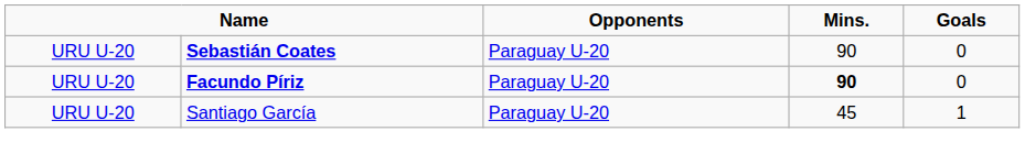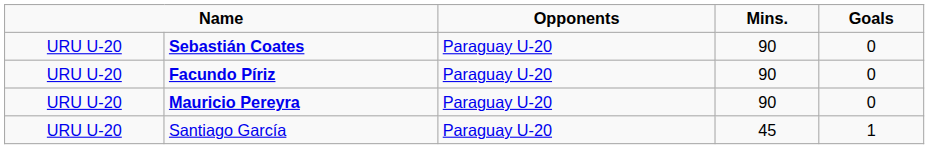 <table class= width=90% border="2" cellpadding="4" cellspacing="0" style="text-align=center: 1em 1em 1em 0; background: #f9f9f9; border: 1px #aaa solid; border-collapse: collapse; font-size: 95%;">
 <tr>
 <th width=25% colspan=2>Name</th>
 <th width=16%>Opponents</th>
 <th width=6%>Mins.</th>
 <th width=6%>Goals</th>
 </tr>
 <tr>
 <td align=center> <a href='#'>URU U-20</a></td>
 <td><strong><a href='#'>Sebastián Coates</a></strong></td>
 <td> <a href='#'>Paraguay U-20</a></td>
 <td align=center>90</td>
 <td align=center>0</td>
 </tr>
 <tr>
 <td align=center> <a href='#'>URU U-20</a></td>
 <td><strong><a href='#'>Facundo Píriz</a></strong></td>
 <td> <a href='#'>Paraguay U-20</a></td>
-<td align=center><strong>90</strong></td>
+<td align=center>90</td>
+<td align=center>0</td>
+</tr>
+<tr>
+<td align=center> <a href='#'>URU U-20</a></td>
+<td><strong><a href='#'>Mauricio Pereyra</a></strong></td>
+<td> <a href='#'>Paraguay U-20</a></td>
+<td align=center>90</td>
 <td align=center>0</td>
 </tr>
 <tr>
 <td align=center> <a href='#'>URU U-20</a></td>
 <td><a href='#'>Santiago García</a></td>
 <td> <a href='#'>Paraguay U-20</a></td>
 <td align=center>45</td>
 <td align=center>1</td>
 </tr>
 </table>
